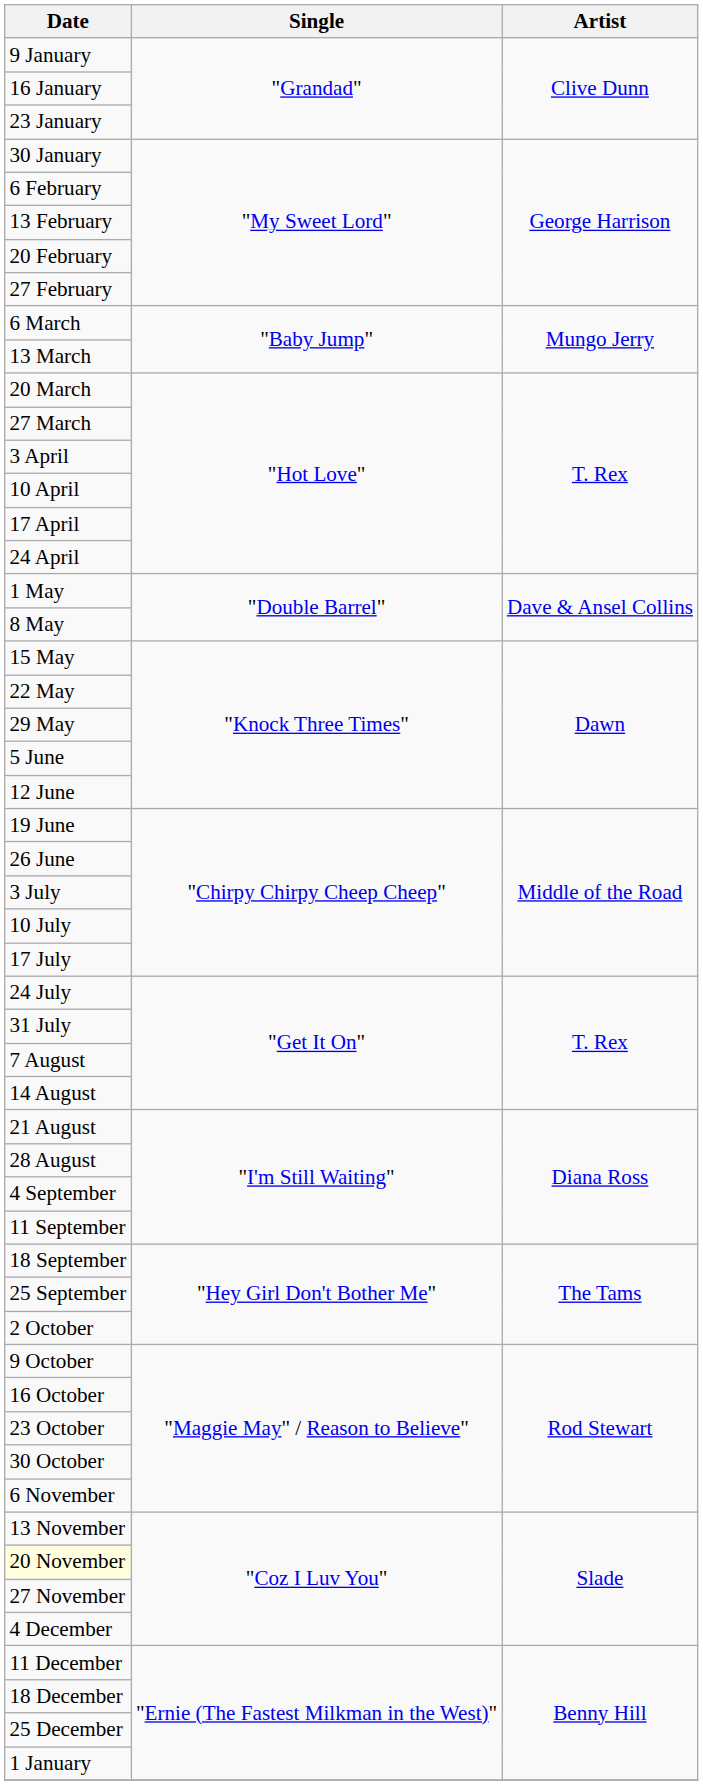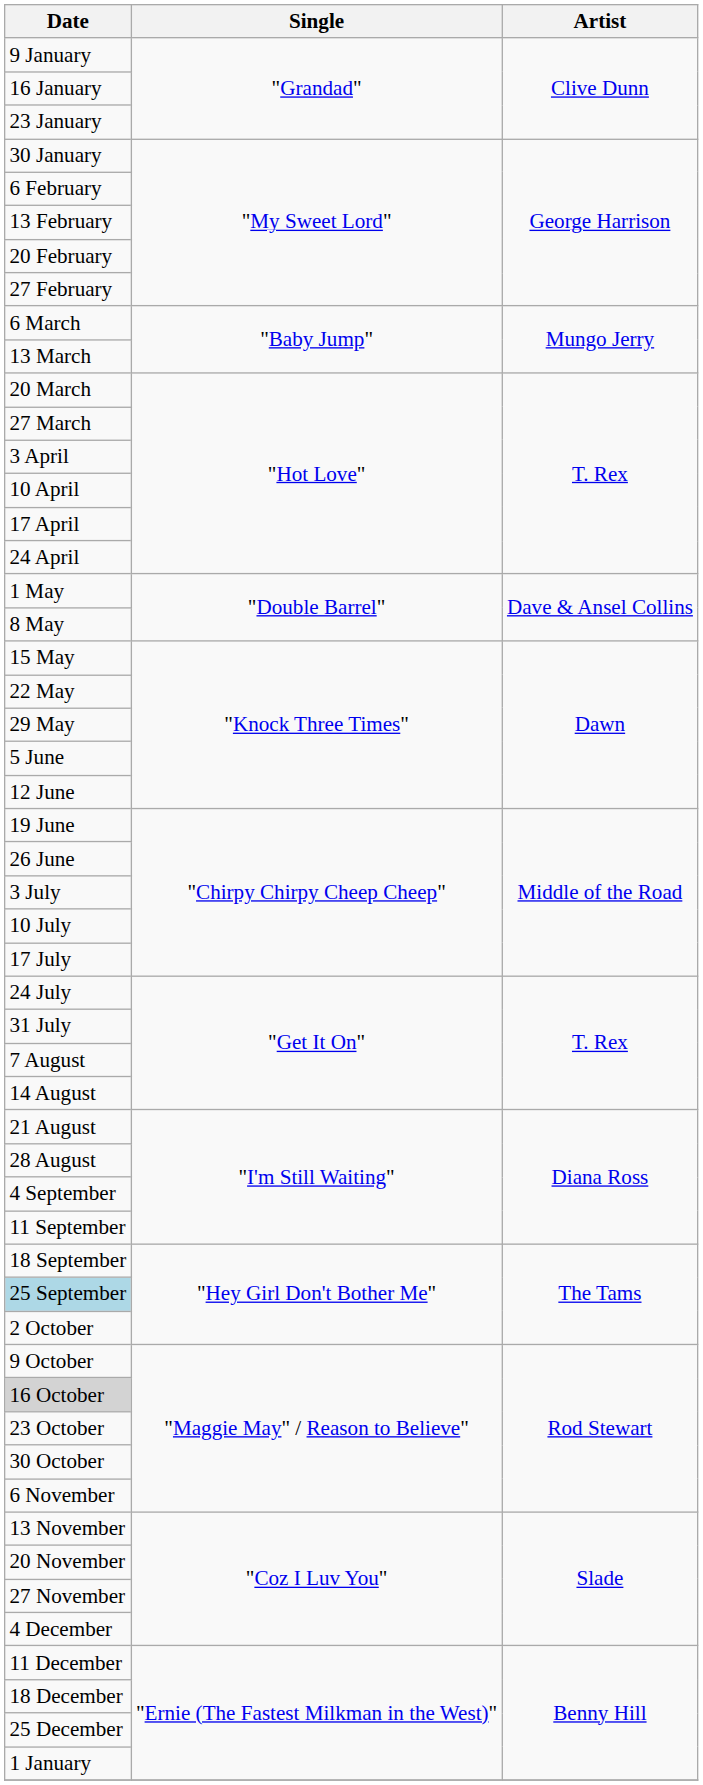 <table class="wikitable">
 <tr>
 <th>Date</th>
 <th>Single</th>
 <th>Artist</th>
 </tr>
 <tr>
 <td>9 January</td>
 <td align="center" rowspan=3>"<a href='#'>Grandad</a>"</td>
 <td align="center" rowspan=3><a href='#'>Clive Dunn</a></td>
 </tr>
 <tr>
 <td>16 January</td>
 </tr>
 <tr>
 <td>23 January</td>
 </tr>
 <tr>
 <td>30 January</td>
 <td align="center" rowspan=5>"<a href='#'>My Sweet Lord</a>"</td>
 <td align="center" rowspan=5><a href='#'>George Harrison</a></td>
 </tr>
 <tr>
 <td>6 February</td>
 </tr>
 <tr>
 <td>13 February</td>
 </tr>
 <tr>
 <td>20 February</td>
 </tr>
 <tr>
 <td>27 February</td>
 </tr>
 <tr>
 <td>6 March</td>
 <td align="center" rowspan=2>"<a href='#'>Baby Jump</a>"</td>
 <td align="center" rowspan=2><a href='#'>Mungo Jerry</a></td>
 </tr>
 <tr>
 <td>13 March</td>
 </tr>
 <tr>
 <td>20 March</td>
 <td align="center" rowspan=6>"<a href='#'>Hot Love</a>"</td>
 <td align="center" rowspan=6><a href='#'>T. Rex</a></td>
 </tr>
 <tr>
 <td>27 March</td>
 </tr>
 <tr>
 <td>3 April</td>
 </tr>
 <tr>
 <td>10 April</td>
 </tr>
 <tr>
 <td>17 April</td>
 </tr>
 <tr>
 <td>24 April</td>
 </tr>
 <tr>
 <td>1 May</td>
 <td align="center" rowspan=2>"<a href='#'>Double Barrel</a>"</td>
 <td align="center" rowspan=2><a href='#'>Dave & Ansel Collins</a></td>
 </tr>
 <tr>
 <td>8 May</td>
 </tr>
 <tr>
 <td>15 May</td>
 <td align="center" rowspan=5>"<a href='#'>Knock Three Times</a>"</td>
 <td align="center" rowspan=5><a href='#'>Dawn</a></td>
 </tr>
 <tr>
 <td>22 May</td>
 </tr>
 <tr>
 <td>29 May</td>
 </tr>
 <tr>
 <td>5 June</td>
 </tr>
 <tr>
 <td>12 June</td>
 </tr>
 <tr>
 <td>19 June</td>
 <td align="center" rowspan=5>"<a href='#'>Chirpy Chirpy Cheep Cheep</a>"</td>
 <td align="center" rowspan=5><a href='#'>Middle of the Road</a></td>
 </tr>
 <tr>
 <td>26 June</td>
 </tr>
 <tr>
 <td>3 July</td>
 </tr>
 <tr>
 <td>10 July</td>
 </tr>
 <tr>
 <td>17 July</td>
 </tr>
 <tr>
 <td>24 July</td>
 <td align="center" rowspan=4>"<a href='#'>Get It On</a>"</td>
 <td align="center" rowspan=4><a href='#'>T. Rex</a></td>
 </tr>
 <tr>
 <td>31 July</td>
 </tr>
 <tr>
 <td>7 August</td>
 </tr>
 <tr>
 <td>14 August</td>
 </tr>
 <tr>
 <td>21 August</td>
 <td align="center" rowspan=4>"<a href='#'>I'm Still Waiting</a>"</td>
 <td align="center" rowspan=4><a href='#'>Diana Ross</a></td>
 </tr>
 <tr>
 <td>28 August</td>
 </tr>
 <tr>
 <td>4 September</td>
 </tr>
 <tr>
 <td>11 September</td>
 </tr>
 <tr>
 <td>18 September</td>
 <td align="center" rowspan=3>"<a href='#'>Hey Girl Don't Bother Me</a>"</td>
 <td align="center" rowspan=3><a href='#'>The Tams</a></td>
 </tr>
 <tr>
-<td>25 September</td>
+<td style="background: lightblue;">25 September</td>
 </tr>
 <tr>
 <td>2 October</td>
 </tr>
 <tr>
 <td>9 October</td>
 <td align="center" rowspan=5>"<a href='#'>Maggie May</a>" / <a href='#'>Reason to Believe</a>"</td>
 <td align="center" rowspan=5><a href='#'>Rod Stewart</a></td>
 </tr>
 <tr>
-<td>16 October</td>
+<td style="background: lightgrey;">16 October</td>
 </tr>
 <tr>
 <td>23 October</td>
 </tr>
 <tr>
 <td>30 October</td>
 </tr>
 <tr>
 <td>6 November</td>
 </tr>
 <tr>
 <td>13 November</td>
 <td align="center" rowspan=4>"<a href='#'>Coz I Luv You</a>"</td>
 <td align="center" rowspan=4><a href='#'>Slade</a></td>
 </tr>
 <tr>
-<td style="background: lightyellow;">20 November</td>
+<td>20 November</td>
 </tr>
 <tr>
 <td>27 November</td>
 </tr>
 <tr>
 <td>4 December</td>
 </tr>
 <tr>
 <td>11 December</td>
 <td align="center" rowspan=4>"<a href='#'>Ernie (The Fastest Milkman in the West)</a>"</td>
 <td align="center" rowspan=4><a href='#'>Benny Hill</a></td>
 </tr>
 <tr>
 <td>18 December</td>
 </tr>
 <tr>
 <td>25 December</td>
 </tr>
 <tr>
 <td>1 January</td>
 </tr>
 <tr>
 </tr>
 </table>
